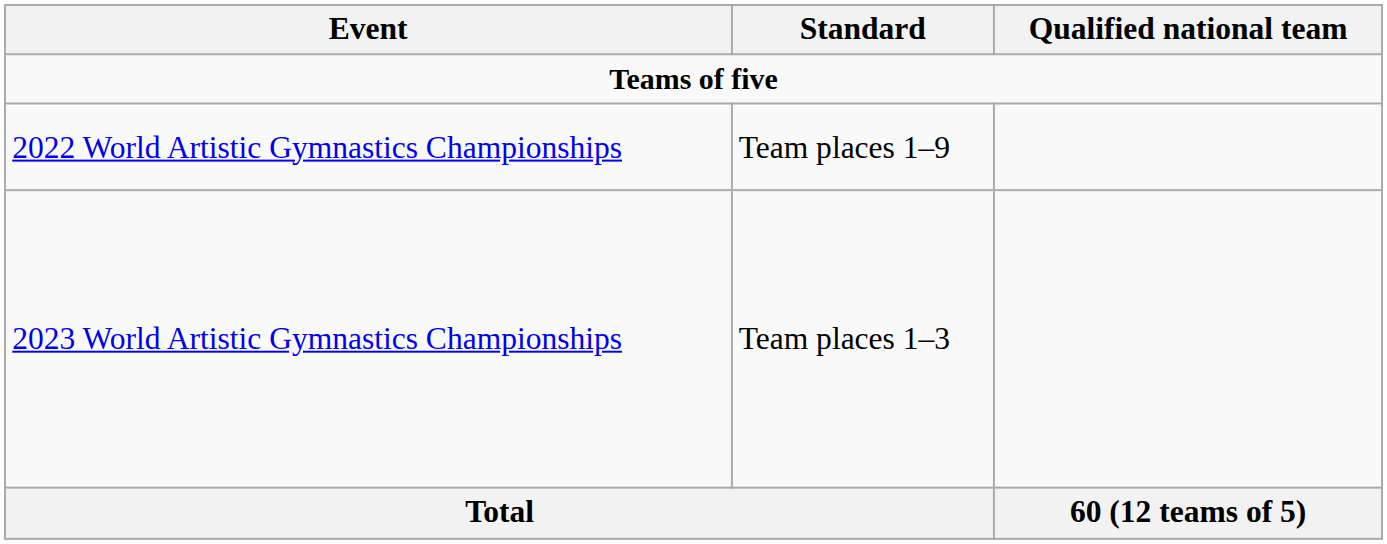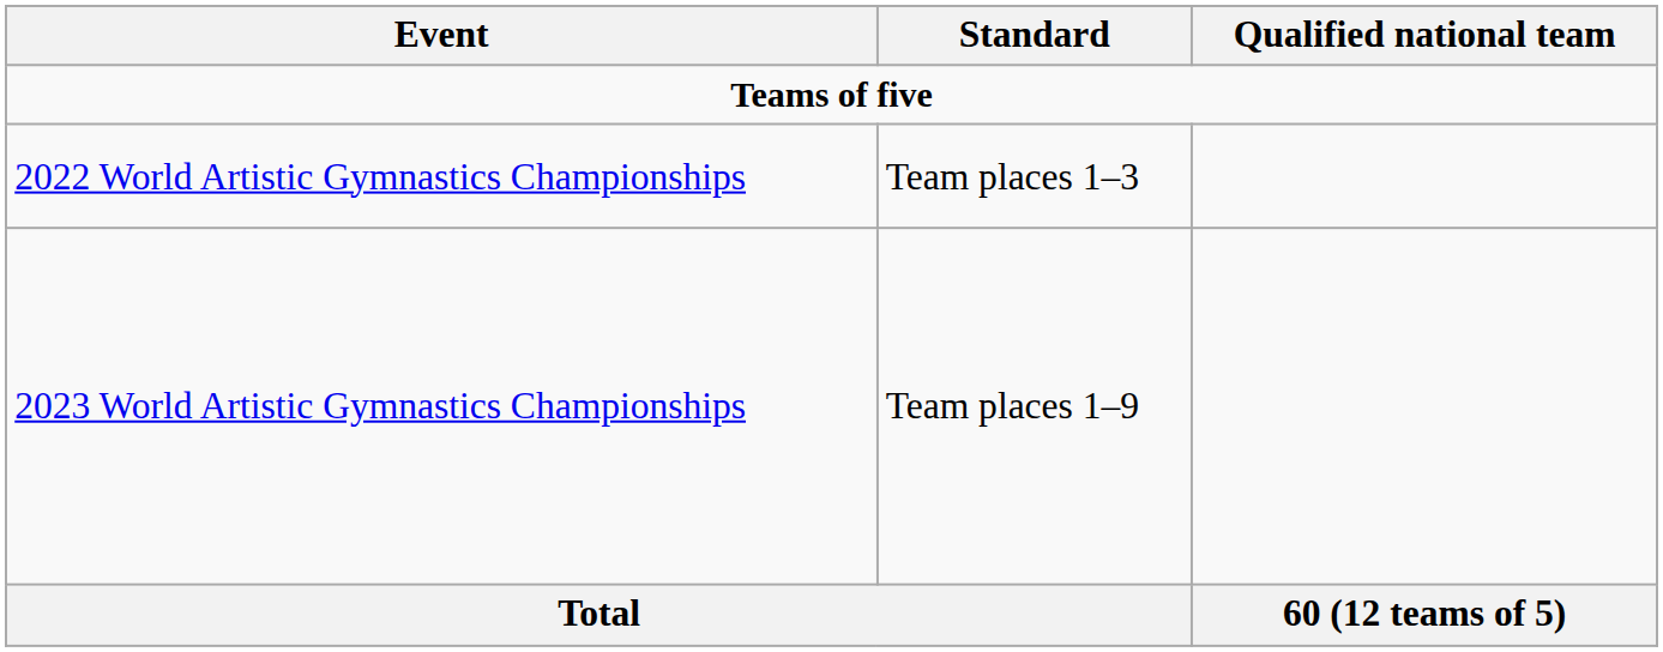 <table class="wikitable" style="width:700px;">
 <tr>
 <th>Event</th>
 <th>Standard</th>
 <th>Qualified national team</th>
 </tr>
 <tr style="font-size: 95%">
 <td colspan="3" style="text-align:center"><strong>Teams of five</strong></td>
 </tr>
 <tr>
 <td><a href='#'>2022 World Artistic Gymnastics Championships</a></td>
-<td>Team places 1–9 <br> </td>
+<td>Team places 1–3</td>
 <td><br><br></td>
 </tr>
 <tr>
 <td><a href='#'>2023 World Artistic Gymnastics Championships</a></td>
-<td>Team places 1–3</td>
+<td>Team places 1–9 <br> </td>
 <td><br><br><br><br><br><br><br><br></td>
 </tr>
 <tr>
 <th colspan="2">Total</th>
 <th>60 (12 teams of 5)</th>
 </tr>
 </table>
